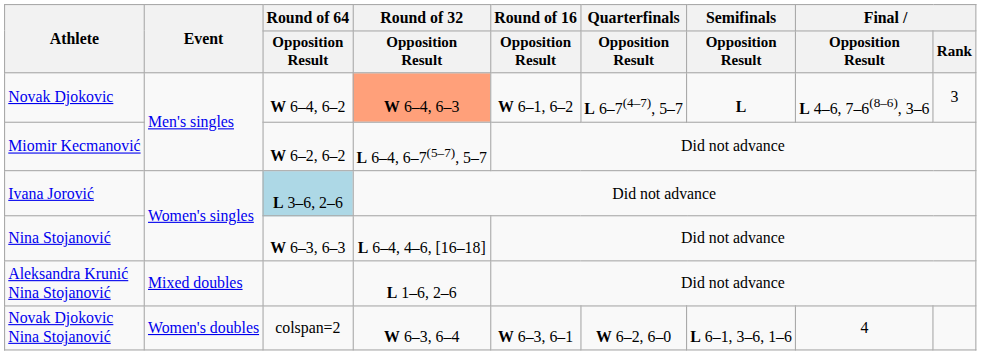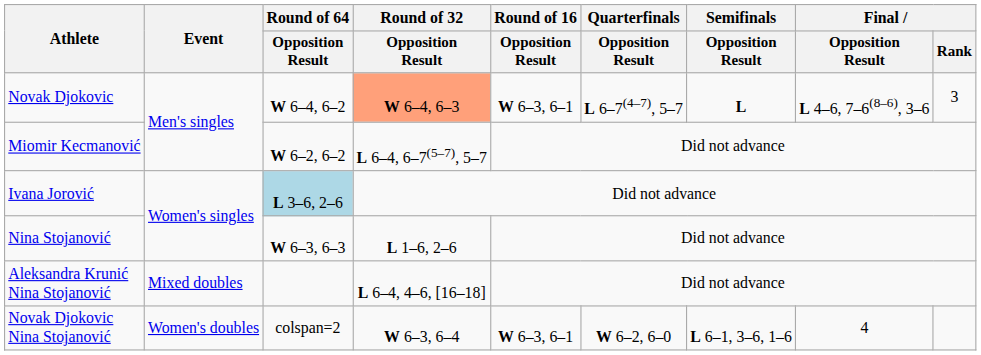 <table class="wikitable" style="font-size:90%;">
 <tr>
 <th rowspan=2>Athlete</th>
 <th rowspan=2>Event</th>
 <th>Round of 64</th>
 <th>Round of 32</th>
 <th>Round of 16</th>
 <th>Quarterfinals</th>
 <th>Semifinals</th>
 <th colspan=2>Final / </th>
 </tr>
 <tr style="font-size:95%">
 <th>Opposition<br>Result</th>
 <th>Opposition<br>Result</th>
 <th>Opposition<br>Result</th>
 <th>Opposition<br>Result</th>
 <th>Opposition<br>Result</th>
 <th>Opposition<br>Result</th>
 <th>Rank</th>
 </tr>
 <tr align=center>
 <td align=left><a href='#'>Novak Djokovic</a></td>
 <td align=left rowspan=2><a href='#'>Men's singles</a></td>
 <td><br><strong>W</strong> 6–4, 6–2</td>
 <td style="background: lightsalmon;"><br><strong>W</strong> 6–4, 6–3</td>
-<td><br><strong>W</strong> 6–1, 6–2</td>
+<td><br><strong>W</strong> 6–3, 6–1</td>
 <td><br><strong>L</strong> 6–7<sup>(4–7)</sup>, 5–7</td>
 <td><br><strong>L</strong> </td>
 <td><br><strong>L</strong> 4–6, 7–6<sup>(8–6)</sup>, 3–6</td>
 <td>3</td>
 </tr>
 <tr align=center>
 <td align=left><a href='#'>Miomir Kecmanović</a></td>
 <td><br><strong>W</strong> 6–2, 6–2</td>
 <td><br><strong>L</strong> 6–4, 6–7<sup>(5–7)</sup>, 5–7</td>
 <td colspan=5>Did not advance</td>
 </tr>
 <tr align=center>
 <td align=left><a href='#'>Ivana Jorović</a></td>
 <td align=left rowspan=2><a href='#'>Women's singles</a></td>
 <td style="background: lightblue;"><br><strong>L</strong> 3–6, 2–6</td>
 <td colspan=6>Did not advance</td>
 </tr>
 <tr align=center>
 <td align=left><a href='#'>Nina Stojanović</a></td>
 <td><br><strong>W</strong> 6–3, 6–3</td>
-<td><br><strong>L</strong> 6–4, 4–6, [16–18]</td>
+<td><br><strong>L</strong> 1–6, 2–6</td>
 <td colspan=5>Did not advance</td>
 </tr>
 <tr align=center>
 <td align=left><a href='#'>Aleksandra Krunić</a><br><a href='#'>Nina Stojanović</a></td>
 <td align=left><a href='#'>Mixed doubles</a></td>
 <td></td>
-<td><br><strong>L</strong> 1–6, 2–6</td>
+<td><br><strong>L</strong> 6–4, 4–6, [16–18]</td>
 <td colspan=5>Did not advance</td>
 </tr>
 <tr align=center>
 <td align=left><a href='#'>Novak Djokovic</a><br><a href='#'>Nina Stojanović</a></td>
 <td align=left><a href='#'>Women's doubles</a></td>
 <td>colspan=2</td>
 <td><br><strong>W</strong> 6–3, 6–4</td>
 <td><br><strong>W</strong> 6–3, 6–1</td>
 <td><br><strong>W</strong> 6–2, 6–0</td>
 <td><br><strong>L</strong> 6–1, 3–6, 1–6</td>
 <td>4</td>
 </tr>
 </table>
